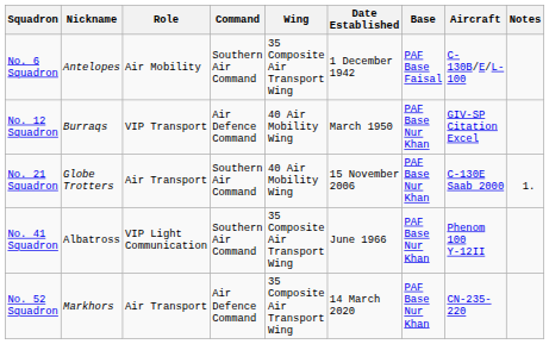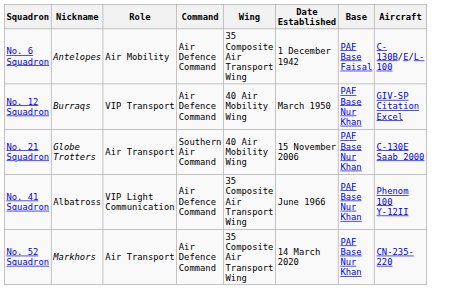 <table class="wikitable sortable">
 <tr>
 <th>Squadron</th>
 <th>Nickname</th>
 <th>Role</th>
 <th>Command</th>
 <th>Wing</th>
 <th>Date Established</th>
 <th>Base</th>
 <th>Aircraft</th>
-<th>Notes</th>
 </tr>
 <tr>
 <td><a href='#'>No. 6 Squadron</a></td>
 <td><em>Antelopes</em></td>
 <td>Air Mobility</td>
-<td>Southern Air Command</td>
+<td>Air Defence Command</td>
 <td>35 Composite Air Transport Wing</td>
 <td>1 December 1942</td>
 <td><a href='#'>PAF Base Faisal</a></td>
 <td><a href='#'>C-130B</a>/<a href='#'>E</a>/<a href='#'>L-100</a></td>
-<td></td>
 </tr>
 <tr>
 <td><a href='#'>No. 12 Squadron</a></td>
 <td><em>Burraqs </em></td>
 <td>VIP Transport</td>
 <td>Air Defence Command</td>
 <td>40 Air Mobility Wing</td>
 <td>March 1950</td>
 <td><a href='#'>PAF Base Nur Khan</a></td>
 <td><a href='#'>GIV-SP</a><br><a href='#'>Citation Excel</a></td>
-<td></td>
 </tr>
 <tr>
 <td><a href='#'>No. 21 Squadron</a></td>
 <td><em>Globe Trotters</em></td>
 <td>Air Transport</td>
 <td>Southern Air Command</td>
 <td>40 Air Mobility Wing</td>
 <td>15 November 2006</td>
 <td><a href='#'>PAF Base Nur Khan</a></td>
 <td><a href='#'>C-130E</a><br><a href='#'>Saab 2000</a></td>
-<td><br><ol><li></li></ol></td>
 </tr>
 <tr>
 <td><a href='#'>No. 41 Squadron</a></td>
 <td>Albatross</td>
 <td>VIP Light Communication</td>
-<td>Southern Air Command</td>
+<td>Air Defence Command</td>
 <td>35 Composite Air Transport Wing</td>
 <td>June 1966</td>
 <td><a href='#'>PAF Base Nur Khan</a></td>
 <td><a href='#'>Phenom 100</a><br><a href='#'>Y-12II</a></td>
-<td></td>
 </tr>
 <tr>
 <td><a href='#'>No. 52 Squadron</a></td>
 <td><em>Markhors</em></td>
 <td>Air Transport</td>
 <td>Air Defence Command</td>
 <td>35 Composite Air Transport Wing</td>
 <td>14 March 2020</td>
 <td><a href='#'>PAF Base Nur Khan</a></td>
 <td><a href='#'>CN-235-220</a></td>
-<td></td>
 </tr>
 </table>
